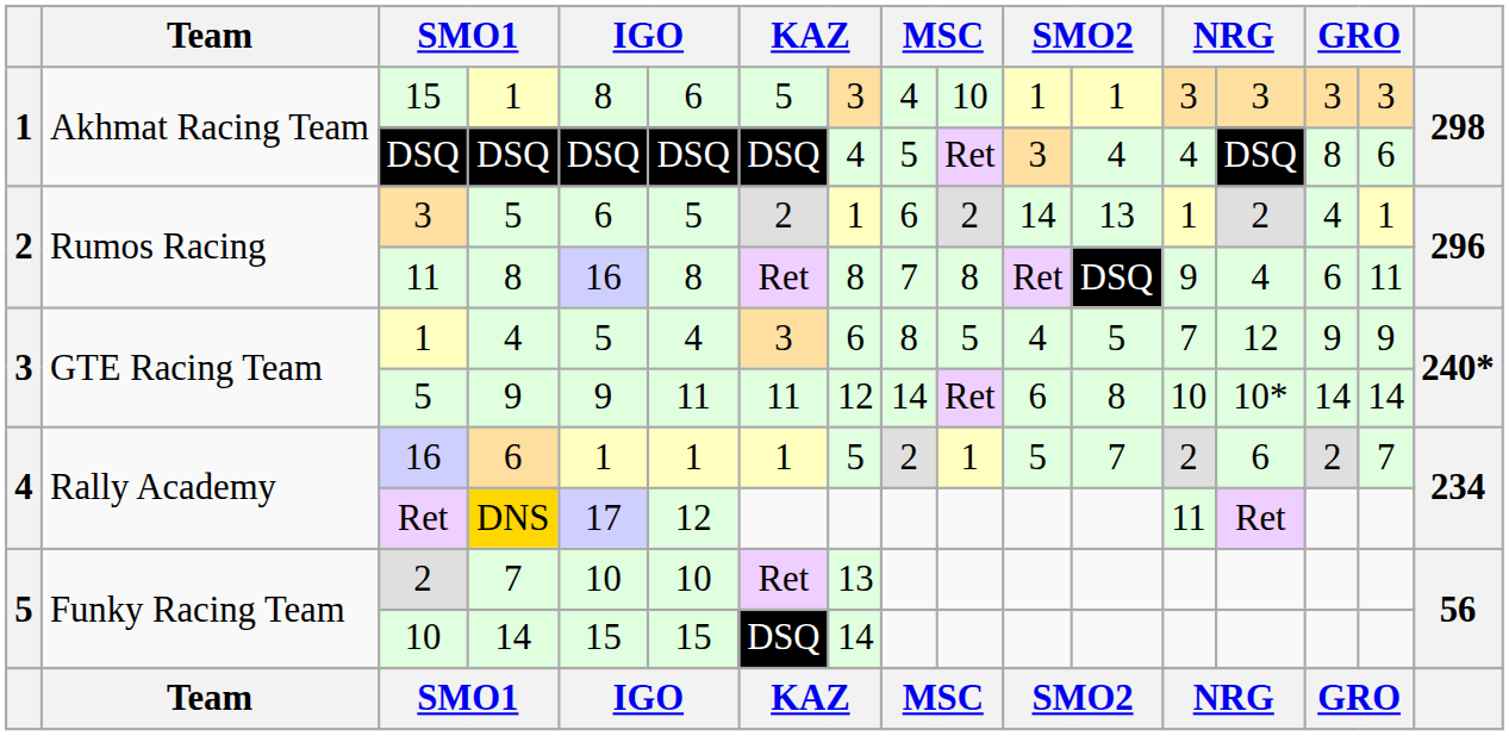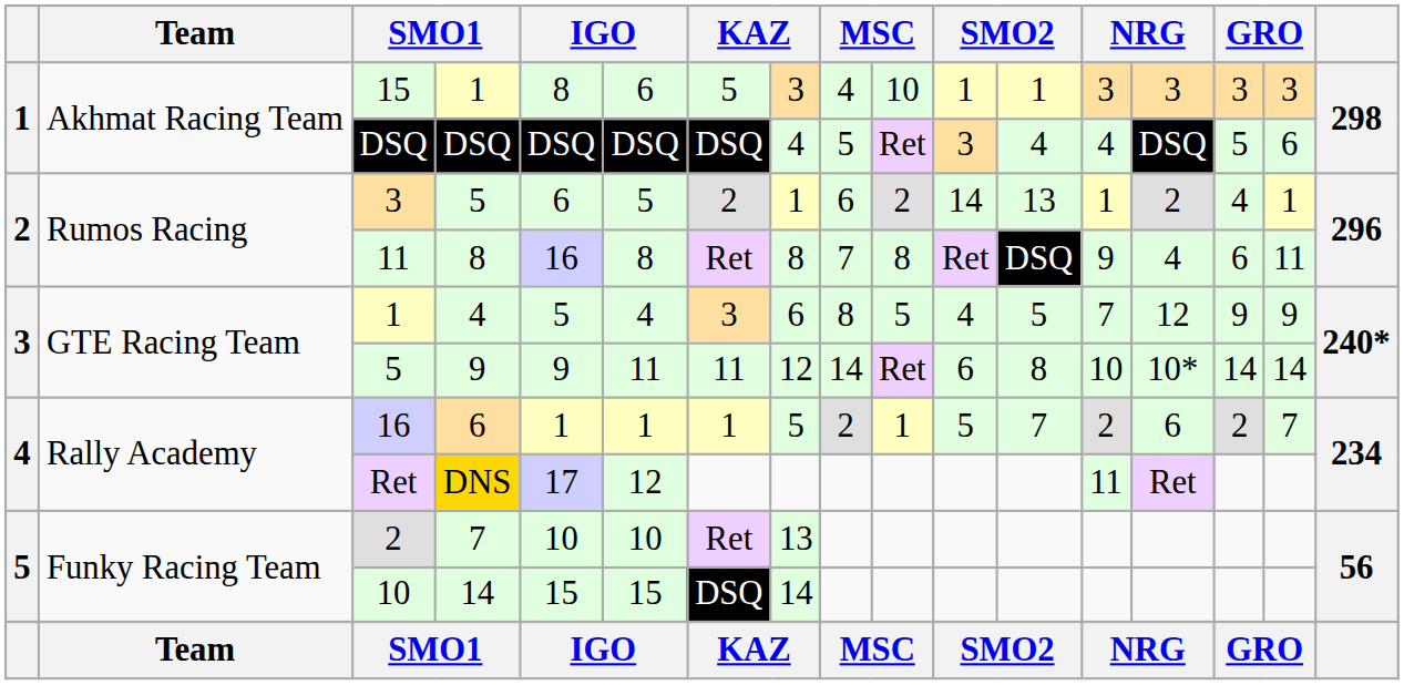 <table align=left| class="wikitable" style="font-size: 90%; text-align: center">
 <tr valign="top">
 <th valign="middle"></th>
 <th valign="middle">Team</th>
 <th colspan=2><a href='#'>SMO1</a></th>
 <th colspan=2><a href='#'>IGO</a></th>
 <th colspan=2><a href='#'>KAZ</a></th>
 <th colspan=2><a href='#'>MSC</a></th>
 <th colspan=2><a href='#'>SMO2</a></th>
 <th colspan=2><a href='#'>NRG</a></th>
 <th colspan=2><a href='#'>GRO</a></th>
 <th valign="middle"></th>
 </tr>
 <tr>
 <th rowspan="2">1</th>
 <td rowspan="2" align=left>Akhmat Racing Team</td>
 <td style="background:#dfffdf;">15</td>
 <td style="background:#ffffbf;">1</td>
 <td style="background:#dfffdf;">8</td>
 <td style="background:#dfffdf;">6</td>
 <td style="background:#dfffdf;">5</td>
 <td style="background:#ffdf9f;">3</td>
 <td style="background:#dfffdf;">4</td>
 <td style="background:#dfffdf;">10</td>
 <td style="background:#ffffbf;">1</td>
 <td style="background:#ffffbf;">1</td>
 <td style="background:#ffdf9f;">3</td>
 <td style="background:#ffdf9f;">3</td>
 <td style="background:#ffdf9f;">3</td>
 <td style="background:#ffdf9f;">3</td>
 <th rowspan="2">298</th>
 </tr>
 <tr>
 <td style="background-color:#000000;color:white">DSQ</td>
 <td style="background-color:#000000;color:white">DSQ</td>
 <td style="background-color:#000000;color:white">DSQ</td>
 <td style="background-color:#000000;color:white">DSQ</td>
 <td style="background-color:#000000;color:white">DSQ</td>
 <td style="background:#dfffdf;">4</td>
 <td style="background:#dfffdf;">5</td>
 <td style="background:#efcfff;">Ret</td>
 <td style="background:#ffdf9f;">3</td>
 <td style="background:#dfffdf;">4</td>
 <td style="background:#dfffdf;">4</td>
 <td style="background-color:#000000;color:white">DSQ</td>
-<td style="background:#dfffdf;">8</td>
+<td style="background:#dfffdf;">5</td>
 <td style="background:#dfffdf;">6</td>
 </tr>
 <tr>
 <th rowspan="2">2</th>
 <td rowspan="2" align=left>Rumos Racing</td>
 <td style="background:#ffdf9f;">3</td>
 <td style="background:#dfffdf;">5</td>
 <td style="background:#dfffdf;">6</td>
 <td style="background:#dfffdf;">5</td>
 <td style="background:#dfdfdf;">2</td>
 <td style="background:#ffffbf;">1</td>
 <td style="background:#dfffdf;">6</td>
 <td style="background:#dfdfdf;">2</td>
 <td style="background:#dfffdf;">14</td>
 <td style="background:#dfffdf;">13</td>
 <td style="background:#ffffbf;">1</td>
 <td style="background:#dfdfdf;">2</td>
 <td style="background:#dfffdf;">4</td>
 <td style="background:#ffffbf;">1</td>
 <th rowspan="2">296</th>
 </tr>
 <tr>
 <td style="background:#dfffdf;">11</td>
 <td style="background:#dfffdf;">8</td>
 <td style="background:#cfcfff;">16</td>
 <td style="background:#dfffdf;">8</td>
 <td style="background:#efcfff;">Ret</td>
 <td style="background:#dfffdf;">8</td>
 <td style="background:#dfffdf;">7</td>
 <td style="background:#dfffdf;">8</td>
 <td style="background:#efcfff;">Ret</td>
 <td style="background-color:#000000;color:white">DSQ</td>
 <td style="background:#dfffdf;">9</td>
 <td style="background:#dfffdf;">4</td>
 <td style="background:#dfffdf;">6</td>
 <td style="background:#dfffdf;">11</td>
 </tr>
 <tr>
 <th rowspan="2">3</th>
 <td rowspan="2" align=left>GTE Racing Team</td>
 <td style="background:#ffffbf;">1</td>
 <td style="background:#dfffdf;">4</td>
 <td style="background:#dfffdf;">5</td>
 <td style="background:#dfffdf;">4</td>
 <td style="background:#ffdf9f;">3</td>
 <td style="background:#dfffdf;">6</td>
 <td style="background:#dfffdf;">8</td>
 <td style="background:#dfffdf;">5</td>
 <td style="background:#dfffdf;">4</td>
 <td style="background:#dfffdf;">5</td>
 <td style="background:#dfffdf;">7</td>
 <td style="background:#dfffdf;">12</td>
 <td style="background:#dfffdf;">9</td>
 <td style="background:#dfffdf;">9</td>
 <th rowspan="2">240*</th>
 </tr>
 <tr>
 <td style="background:#dfffdf;">5</td>
 <td style="background:#dfffdf;">9</td>
 <td style="background:#dfffdf;">9</td>
 <td style="background:#dfffdf;">11</td>
 <td style="background:#dfffdf;">11</td>
 <td style="background:#dfffdf;">12</td>
 <td style="background:#dfffdf;">14</td>
 <td style="background:#efcfff;">Ret</td>
 <td style="background:#dfffdf;">6</td>
 <td style="background:#dfffdf;">8</td>
 <td style="background:#dfffdf;">10</td>
 <td style="background:#dfffdf;">10*</td>
 <td style="background:#dfffdf;">14</td>
 <td style="background:#dfffdf;">14</td>
 </tr>
 <tr>
 <th rowspan="2">4</th>
 <td rowspan="2" align=left>Rally Academy</td>
 <td style="background:#cfcfff;">16</td>
 <td style="background:#ffdf9f;">6</td>
 <td style="background:#ffffbf;">1</td>
 <td style="background:#ffffbf;">1</td>
 <td style="background:#ffffbf;">1</td>
 <td style="background:#dfffdf;">5</td>
 <td style="background:#dfdfdf;">2</td>
 <td style="background:#ffffbf;">1</td>
 <td style="background:#dfffdf;">5</td>
 <td style="background:#dfffdf;">7</td>
 <td style="background:#dfdfdf;">2</td>
 <td style="background:#dfffdf;">6</td>
 <td style="background:#dfdfdf;">2</td>
 <td style="background:#dfffdf;">7</td>
 <th rowspan="2">234</th>
 </tr>
 <tr>
 <td style="background:#efcfff;">Ret</td>
 <td style="background: gold;">DNS</td>
 <td style="background:#cfcfff;">17</td>
 <td style="background:#dfffdf;">12</td>
 <td></td>
 <td></td>
 <td></td>
 <td></td>
 <td></td>
 <td></td>
 <td style="background:#dfffdf;">11</td>
 <td style="background:#efcfff;">Ret</td>
 <td></td>
 <td></td>
 </tr>
 <tr>
 <th rowspan="2">5</th>
 <td rowspan="2" align=left>Funky Racing Team</td>
 <td style="background:#dfdfdf;">2</td>
 <td style="background:#dfffdf;">7</td>
 <td style="background:#dfffdf;">10</td>
 <td style="background:#dfffdf;">10</td>
 <td style="background:#efcfff;">Ret</td>
 <td style="background:#dfffdf;">13</td>
 <td></td>
 <td></td>
 <td></td>
 <td></td>
 <td></td>
 <td></td>
 <td></td>
 <td></td>
 <th rowspan="2">56</th>
 </tr>
 <tr>
 <td style="background:#dfffdf;">10</td>
 <td style="background:#dfffdf;">14</td>
 <td style="background:#dfffdf;">15</td>
 <td style="background:#dfffdf;">15</td>
 <td style="background-color:#000000;color:white">DSQ</td>
 <td style="background:#dfffdf;">14</td>
 <td></td>
 <td></td>
 <td></td>
 <td></td>
 <td></td>
 <td></td>
 <td></td>
 <td></td>
 </tr>
 <tr>
 </tr>
 <tr valign="top">
 <th valign="middle"></th>
 <th valign="middle">Team</th>
 <th colspan=2><a href='#'>SMO1</a></th>
 <th colspan=2><a href='#'>IGO</a></th>
 <th colspan=2><a href='#'>KAZ</a></th>
 <th colspan=2><a href='#'>MSC</a></th>
 <th colspan=2><a href='#'>SMO2</a></th>
 <th colspan=2><a href='#'>NRG</a></th>
 <th colspan=2><a href='#'>GRO</a></th>
 <th valign="middle"></th>
 </tr>
 </table>
